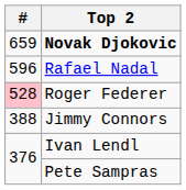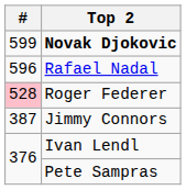 <table class="wikitable" style="display:inline-table;">
 <tr>
 <th>#</th>
 <th>Top 2</th>
 </tr>
 <tr>
-<td>659</td>
+<td>599</td>
 <td> <strong>Novak Djokovic</strong></td>
 </tr>
 <tr>
 <td>596</td>
 <td> <a href='#'>Rafael Nadal</a></td>
 </tr>
 <tr>
 <td style="background: pink;">528</td>
 <td> Roger Federer</td>
 </tr>
 <tr>
-<td>388</td>
+<td>387</td>
 <td> Jimmy Connors</td>
 </tr>
 <tr>
 <td rowspan=2>376</td>
 <td> Ivan Lendl</td>
 </tr>
 <tr>
 <td> Pete Sampras</td>
 </tr>
 </table>
